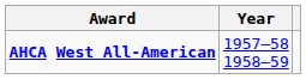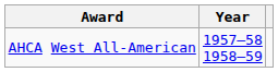 <table class="wikitable">
 <tr>
 <th>Award</th>
 <th>Year</th>
 <th></th>
 </tr>
 <tr>
-<td><strong><a href='#'>AHCA</a> <a href='#'>West All-American</a></strong></td>
+<td><a href='#'>AHCA</a> <a href='#'>West All-American</a></td>
 <td><a href='#'>1957–58</a><br><a href='#'>1958–59</a></td>
 <td></td>
 </tr>
 </table>
